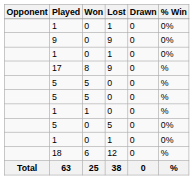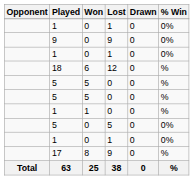 <table class="sortable wikitable" style="font-size: 87%;">
 <tr>
 <th>Opponent</th>
 <th>Played</th>
 <th>Won</th>
 <th>Lost</th>
 <th>Drawn</th>
 <th>% Win</th>
 </tr>
 <tr bgcolor="#d0ffd0" align="center">
 </tr>
 <tr>
 <td align="left"></td>
 <td>1</td>
 <td>0</td>
 <td>1</td>
 <td>0</td>
 <td>0%</td>
 </tr>
 <tr>
 <td align="left"></td>
 <td>9</td>
 <td>0</td>
 <td>9</td>
 <td>0</td>
 <td>0%</td>
 </tr>
 <tr>
 <td align="left"></td>
 <td>1</td>
 <td>0</td>
 <td>1</td>
 <td>0</td>
 <td>0%</td>
 </tr>
 <tr>
 <td align="left"></td>
-<td>17</td>
-<td>8</td>
-<td>9</td>
+<td>18</td>
+<td>6</td>
+<td>12</td>
 <td>0</td>
 <td>%</td>
 </tr>
 <tr>
 <td align="left"></td>
 <td>5</td>
 <td>5</td>
 <td>0</td>
 <td>0</td>
 <td>%</td>
 </tr>
 <tr>
 <td align="left"></td>
 <td>5</td>
 <td>5</td>
 <td>0</td>
 <td>0</td>
 <td>%</td>
 </tr>
 <tr>
 <td align="left"></td>
 <td>1</td>
 <td>1</td>
 <td>0</td>
 <td>0</td>
 <td>%</td>
 </tr>
 <tr>
 <td align="left"></td>
 <td>5</td>
 <td>0</td>
 <td>5</td>
 <td>0</td>
 <td>0%</td>
 </tr>
 <tr>
 <td align="left"></td>
 <td>1</td>
 <td>0</td>
 <td>1</td>
 <td>0</td>
 <td>0%</td>
 </tr>
 <tr>
 <td align="left"></td>
-<td>18</td>
-<td>6</td>
-<td>12</td>
+<td>17</td>
+<td>8</td>
+<td>9</td>
 <td>0</td>
 <td>%</td>
 </tr>
 <tr>
 <th>Total</th>
 <th><strong>63</strong></th>
 <th><strong>25</strong></th>
 <th><strong>38</strong></th>
 <th><strong>0</strong></th>
 <th><strong>%</strong></th>
 </tr>
 </table>
